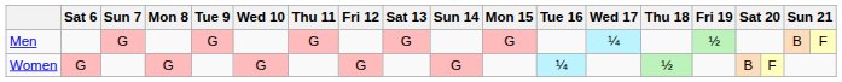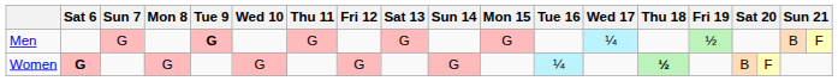 <table class="wikitable" style="margin:0.5em auto; font-size:90%; line-height:1.25em;text-align:center">
 <tr>
 <th></th>
 <th>Sat 6</th>
 <th>Sun 7</th>
 <th>Mon 8</th>
 <th>Tue 9</th>
 <th>Wed 10</th>
 <th>Thu 11</th>
 <th>Fri 12</th>
 <th>Sat 13</th>
 <th>Sun 14</th>
 <th>Mon 15</th>
 <th>Tue 16</th>
 <th>Wed 17</th>
 <th>Thu 18</th>
 <th>Fri 19</th>
 <th colspan="2">Sat 20</th>
 <th colspan="2">Sun 21</th>
 </tr>
 <tr>
 <td align="left"><a href='#'>Men</a></td>
 <td></td>
 <td bgcolor="#FFBBBB">G</td>
 <td></td>
-<td bgcolor="#FFBBBB">G</td>
+<td bgcolor="#FFBBBB"><strong>G</strong></td>
 <td></td>
 <td bgcolor="#FFBBBB">G</td>
 <td></td>
 <td bgcolor="#FFBBBB">G</td>
 <td></td>
 <td bgcolor="#FFBBBB">G</td>
 <td></td>
 <td bgcolor="#BBF3FF">¼</td>
 <td></td>
 <td bgcolor="#BBF3BB">½</td>
 <td colspan="2"></td>
 <td bgcolor="#FEDCBA">B</td>
 <td bgcolor="#FFFFBB">F</td>
 </tr>
 <tr>
 <td align="left"><a href='#'>Women</a></td>
-<td bgcolor="#FFBBBB">G</td>
+<td bgcolor="#FFBBBB"><strong>G</strong></td>
 <td></td>
 <td bgcolor="#FFBBBB">G</td>
 <td></td>
 <td bgcolor="#FFBBBB">G</td>
 <td></td>
 <td bgcolor="#FFBBBB">G</td>
 <td></td>
 <td bgcolor="#FFBBBB">G</td>
 <td></td>
 <td bgcolor="#BBF3FF">¼</td>
 <td></td>
-<td bgcolor="#BBF3BB">½</td>
+<td bgcolor="#BBF3BB"><strong>½</strong></td>
 <td></td>
 <td bgcolor="#FEDCBA">B</td>
 <td bgcolor="#FFFFBB">F</td>
 <td colspan="2"></td>
 </tr>
 </table>
